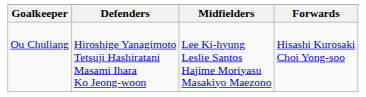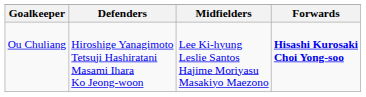 <table class="wikitable" style="mArgin: 0 auto;">
 <tr>
 </tr>
 <tr>
 <th>Goalkeeper</th>
 <th>Defenders</th>
 <th>Midfielders</th>
 <th>Forwards</th>
 </tr>
 <tr>
 <td valign=top><br> <a href='#'>Ou Chuliang</a></td>
 <td valign=top><br> <a href='#'>Hiroshige Yanagimoto</a><br>  <a href='#'>Tetsuji Hashiratani</a><br>  <a href='#'>Masami Ihara</a><br>  <a href='#'>Ko Jeong-woon</a></td>
 <td valign=top><br> <a href='#'>Lee Ki-hyung</a><br>  <a href='#'>Leslie Santos</a><br>  <a href='#'>Hajime Moriyasu</a><br>  <a href='#'>Masakiyo Maezono</a><br></td>
-<td valign=top><br> <a href='#'>Hisashi Kurosaki</a><br>  <a href='#'>Choi Yong-soo</a></td>
+<td valign=top><strong><br> <a href='#'>Hisashi Kurosaki</a><br>  <a href='#'>Choi Yong-soo</a></strong></td>
 </tr>
 </table>
